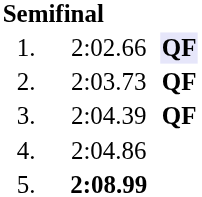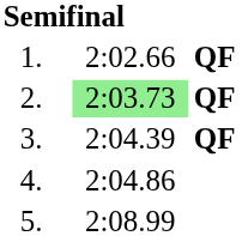 <table style="text-align:center">
 <tr>
 <td colspan=4 align=left><strong>Semifinal</strong></td>
 </tr>
 <tr>
 <td width=30>1.</td>
 <td align=left></td>
 <td width=60>2:02.66</td>
-<td style="background: lavender;"><strong>QF</strong></td>
+<td><strong>QF</strong></td>
 </tr>
 <tr>
 <td>2.</td>
 <td align=left></td>
-<td>2:03.73</td>
+<td style="background: lightgreen;">2:03.73</td>
 <td><strong>QF</strong></td>
 </tr>
 <tr>
 <td>3.</td>
 <td align=left></td>
 <td>2:04.39</td>
 <td><strong>QF</strong></td>
 </tr>
 <tr>
 <td>4.</td>
 <td align=left></td>
 <td>2:04.86</td>
 <td></td>
 </tr>
 <tr>
 <td>5.</td>
 <td align=left></td>
-<td><strong>2:08.99</strong></td>
+<td>2:08.99</td>
 <td></td>
 </tr>
 </table>
